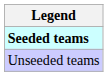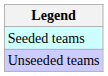 <table class="wikitable">
 <tr>
 <th>Legend</th>
 </tr>
 <tr bgcolor=#ccffff>
-<td><strong>Seeded teams</strong></td>
+<td>Seeded teams</td>
 </tr>
 <tr bgcolor=#ccccff>
 <td>Unseeded teams</td>
 </tr>
 </table>
